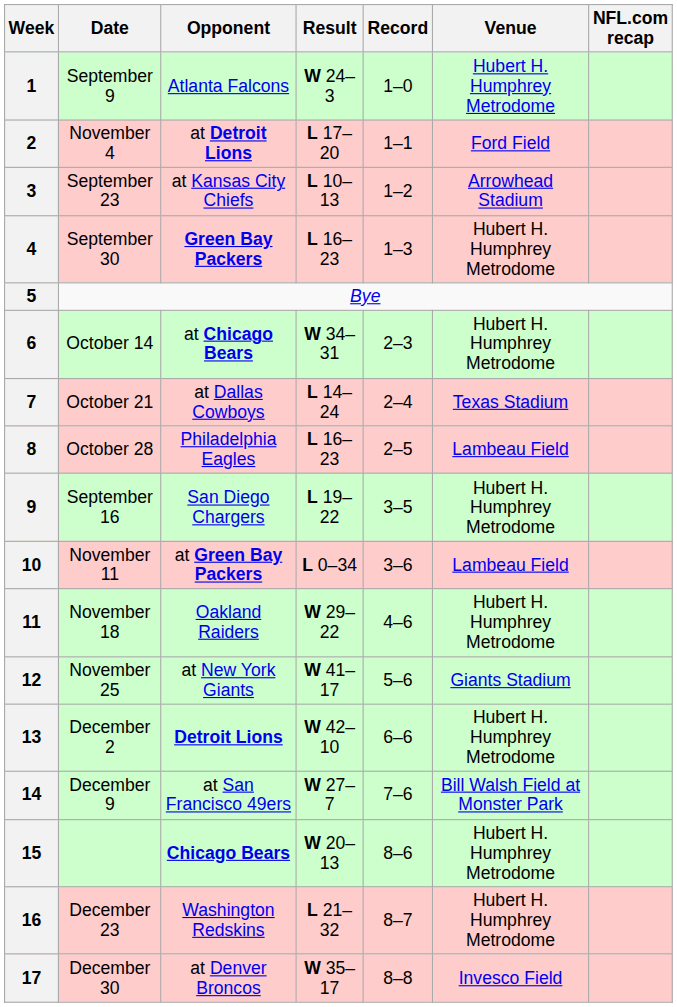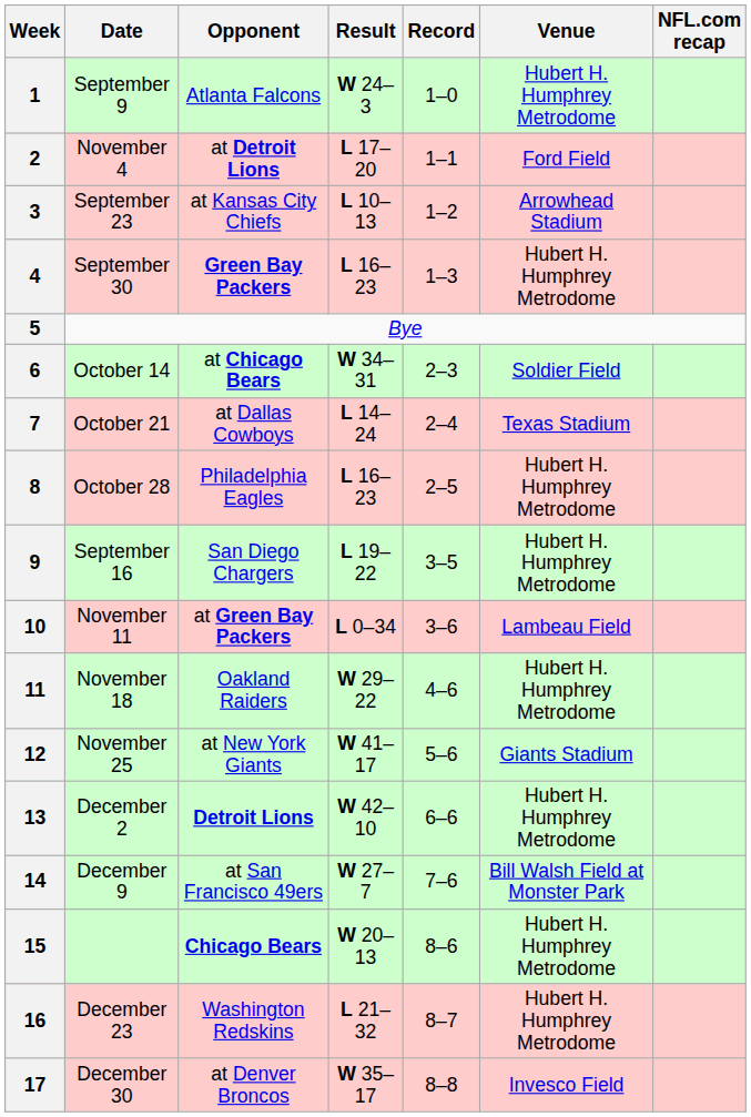 <table class="wikitable" style="text-align:center">
 <tr>
 <th>Week</th>
 <th>Date</th>
 <th>Opponent</th>
 <th>Result</th>
 <th>Record</th>
 <th>Venue</th>
 <th>NFL.com<br>recap</th>
 </tr>
 <tr bgcolor="#cfc">
 <th>1</th>
 <td>September 9</td>
 <td><a href='#'>Atlanta Falcons</a></td>
 <td><strong>W</strong> 24–3</td>
 <td>1–0</td>
 <td><a href='#'>Hubert H. Humphrey Metrodome</a></td>
 <td></td>
 </tr>
 <tr bgcolor="#fcc">
 <th>2</th>
 <td>November 4</td>
 <td>at <strong><a href='#'>Detroit Lions</a></strong></td>
 <td><strong>L</strong> 17–20 </td>
 <td>1–1</td>
 <td><a href='#'>Ford Field</a></td>
 <td></td>
 </tr>
 <tr bgcolor="#fcc">
 <th>3</th>
 <td>September 23</td>
 <td>at <a href='#'>Kansas City Chiefs</a></td>
 <td><strong>L</strong> 10–13</td>
 <td>1–2</td>
 <td><a href='#'>Arrowhead Stadium</a></td>
 <td></td>
 </tr>
 <tr bgcolor="#fcc">
 <th>4</th>
 <td>September 30</td>
 <td><strong><a href='#'>Green Bay Packers</a></strong></td>
 <td><strong>L</strong> 16–23</td>
 <td>1–3</td>
 <td>Hubert H. Humphrey Metrodome</td>
 <td></td>
 </tr>
 <tr>
 <th>5</th>
 <td colspan="8"><em><a href='#'>Bye</a></em></td>
 </tr>
 <tr bgcolor="#cfc">
 <th>6</th>
 <td>October 14</td>
 <td>at <strong><a href='#'>Chicago Bears</a></strong></td>
 <td><strong>W</strong> 34–31</td>
 <td>2–3</td>
-<td>Hubert H. Humphrey Metrodome</td>
+<td><a href='#'>Soldier Field</a></td>
 <td></td>
 </tr>
 <tr bgcolor="#fcc">
 <th>7</th>
 <td>October 21</td>
 <td>at <a href='#'>Dallas Cowboys</a></td>
 <td><strong>L</strong> 14–24</td>
 <td>2–4</td>
 <td><a href='#'>Texas Stadium</a></td>
 <td></td>
 </tr>
 <tr bgcolor="#fcc">
 <th>8</th>
 <td>October 28</td>
 <td><a href='#'>Philadelphia Eagles</a></td>
 <td><strong>L</strong> 16–23</td>
 <td>2–5</td>
-<td><a href='#'>Lambeau Field</a></td>
+<td>Hubert H. Humphrey Metrodome</td>
 <td></td>
 </tr>
 <tr bgcolor="#cfc">
 <th>9</th>
 <td>September 16</td>
 <td><a href='#'>San Diego Chargers</a></td>
 <td><strong>L</strong> 19–22 </td>
 <td>3–5</td>
 <td>Hubert H. Humphrey Metrodome</td>
 <td></td>
 </tr>
 <tr bgcolor="#fcc">
 <th>10</th>
 <td>November 11</td>
 <td>at <strong><a href='#'>Green Bay Packers</a></strong></td>
 <td><strong>L</strong> 0–34</td>
 <td>3–6</td>
 <td><a href='#'>Lambeau Field</a></td>
 <td></td>
 </tr>
 <tr bgcolor="#cfc">
 <th>11</th>
 <td>November 18</td>
 <td><a href='#'>Oakland Raiders</a></td>
 <td><strong>W</strong> 29–22</td>
 <td>4–6</td>
 <td>Hubert H. Humphrey Metrodome</td>
 <td></td>
 </tr>
 <tr bgcolor="#cfc">
 <th>12</th>
 <td>November 25</td>
 <td>at <a href='#'>New York Giants</a></td>
 <td><strong>W</strong> 41–17</td>
 <td>5–6</td>
 <td><a href='#'>Giants Stadium</a></td>
 <td></td>
 </tr>
 <tr bgcolor="#cfc">
 <th>13</th>
 <td>December 2</td>
 <td><strong><a href='#'>Detroit Lions</a></strong></td>
 <td><strong>W</strong> 42–10</td>
 <td>6–6</td>
 <td>Hubert H. Humphrey Metrodome</td>
 <td></td>
 </tr>
 <tr bgcolor="#cfc">
 <th>14</th>
 <td>December 9</td>
 <td>at <a href='#'>San Francisco 49ers</a></td>
 <td><strong>W</strong> 27–7</td>
 <td>7–6</td>
 <td><a href='#'>Bill Walsh Field at Monster Park</a></td>
 <td></td>
 </tr>
 <tr bgcolor="#cfc">
 <th>15</th>
 <td></td>
 <td><strong><a href='#'>Chicago Bears</a></strong></td>
 <td><strong>W</strong> 20–13</td>
 <td>8–6</td>
 <td>Hubert H. Humphrey Metrodome</td>
 <td></td>
 </tr>
 <tr bgcolor="#fcc">
 <th>16</th>
 <td>December 23</td>
 <td><a href='#'>Washington Redskins</a></td>
 <td><strong>L</strong> 21–32</td>
 <td>8–7</td>
 <td>Hubert H. Humphrey Metrodome</td>
 <td></td>
 </tr>
 <tr bgcolor="#fcc">
 <th>17</th>
 <td>December 30</td>
 <td>at <a href='#'>Denver Broncos</a></td>
 <td><strong>W</strong> 35–17</td>
 <td>8–8</td>
 <td><a href='#'>Invesco Field</a></td>
 <td></td>
 </tr>
 </table>
